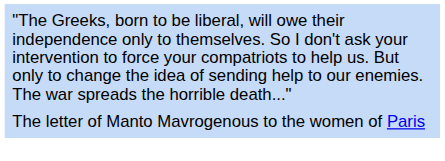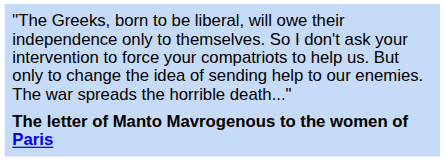 <table class="toccolours" style="float: right; margin-left: 1em; margin-right: 2em; font-size: 85%; background:#c6dbf7; width:30em; max-width: 40%;" cellspacing="5">
 <tr>
 <td style="text-align: left;">"The Greeks, born to be liberal, will owe their independence only to themselves. So I don't ask your intervention to force your compatriots to help us. But only to change the idea of sending help to our enemies. The war spreads the horrible death..."</td>
 </tr>
 <tr>
-<td style="text-align: left;">The letter of Manto Mavrogenous to the women of <a href='#'>Paris</a></td>
+<td style="text-align: left;"><strong>The letter of Manto Mavrogenous to the women of <a href='#'>Paris</a></strong></td>
 </tr>
 </table>
